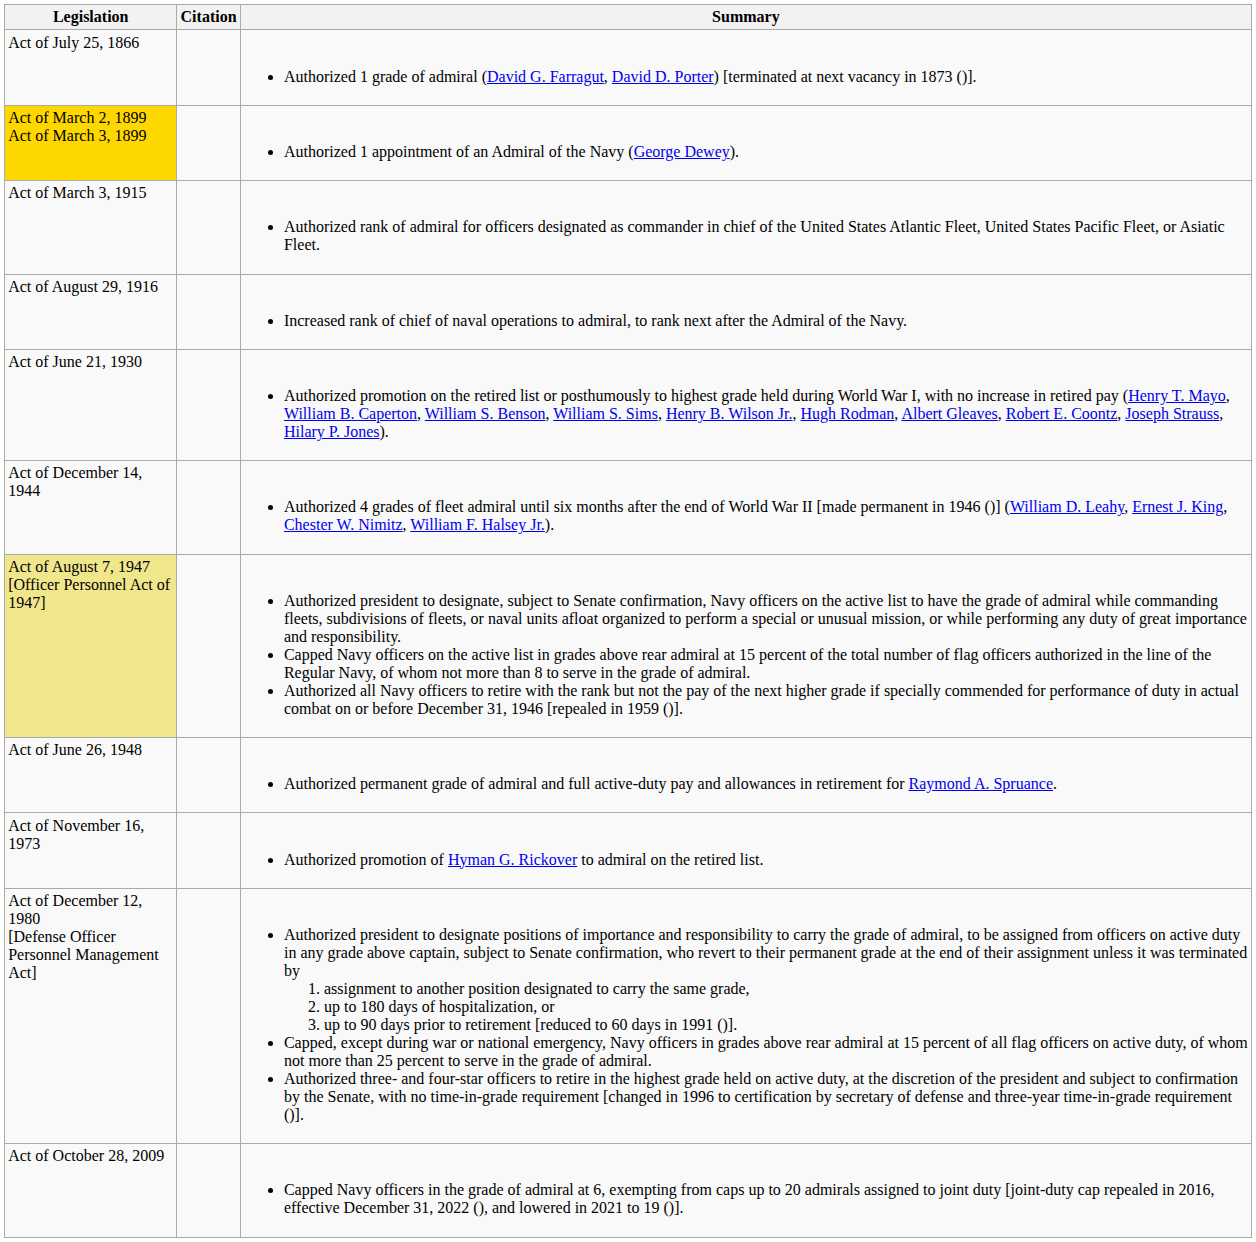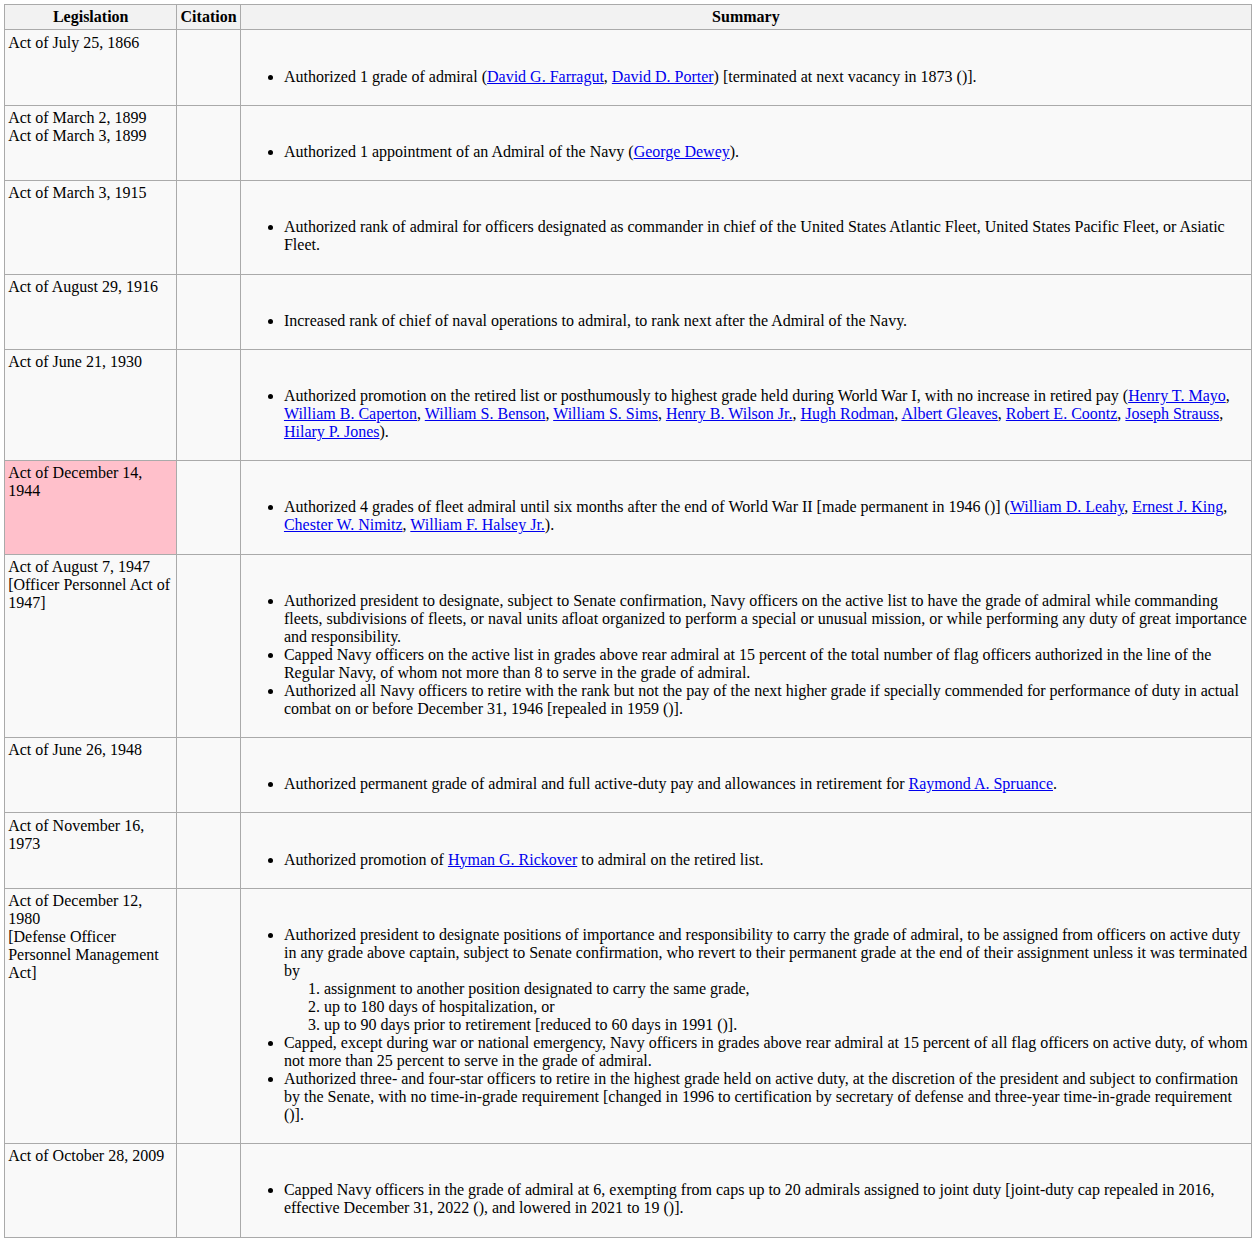 <table class="wikitable">
 <tr>
 <th width=165>Legislation</th>
 <th>Citation</th>
 <th>Summary</th>
 </tr>
 <tr valign=top>
 <td>Act of July 25, 1866</td>
 <td> </td>
 <td><br><ul><li>Authorized 1 grade of admiral (<a href='#'>David G. Farragut</a>, <a href='#'>David D. Porter</a>) [terminated at next vacancy in 1873 ()].</li></ul></td>
 </tr>
 <tr valign=top>
-<td style="background: gold;">Act of March 2, 1899<br>Act of March 3, 1899</td>
+<td>Act of March 2, 1899<br>Act of March 3, 1899</td>
 <td> <br> </td>
 <td><br><ul><li>Authorized 1 appointment of an Admiral of the Navy (<a href='#'>George Dewey</a>).</li></ul></td>
 </tr>
 <tr valign=top>
 <td>Act of March 3, 1915</td>
 <td> </td>
 <td><br><ul><li>Authorized rank of admiral for officers designated as commander in chief of the United States Atlantic Fleet, United States Pacific Fleet, or Asiatic Fleet.</li></ul></td>
 </tr>
 <tr valign=top>
 <td>Act of August 29, 1916</td>
 <td> </td>
 <td><br><ul><li>Increased rank of chief of naval operations to admiral, to rank next after the Admiral of the Navy.</li></ul></td>
 </tr>
 <tr valign=top>
 <td>Act of June 21, 1930</td>
 <td> </td>
 <td><br><ul><li>Authorized promotion on the retired list or posthumously to highest grade held during World War I, with no increase in retired pay (<a href='#'>Henry T. Mayo</a>, <a href='#'>William B. Caperton</a>, <a href='#'>William S. Benson</a>, <a href='#'>William S. Sims</a>, <a href='#'>Henry B. Wilson Jr.</a>, <a href='#'>Hugh Rodman</a>, <a href='#'>Albert Gleaves</a>, <a href='#'>Robert E. Coontz</a>, <a href='#'>Joseph Strauss</a>, <a href='#'>Hilary P. Jones</a>).</li></ul></td>
 </tr>
 <tr valign=top>
-<td>Act of December 14, 1944</td>
+<td style="background: pink;">Act of December 14, 1944</td>
 <td> </td>
 <td><br><ul><li>Authorized 4 grades of fleet admiral until six months after the end of World War II [made permanent in 1946 ()] (<a href='#'>William D. Leahy</a>, <a href='#'>Ernest J. King</a>, <a href='#'>Chester W. Nimitz</a>, <a href='#'>William F. Halsey Jr.</a>).</li></ul></td>
 </tr>
 <tr valign=top>
-<td style="background: khaki;">Act of August 7, 1947<br>[Officer Personnel Act of 1947]</td>
+<td>Act of August 7, 1947<br>[Officer Personnel Act of 1947]</td>
 <td> <br> <br> </td>
 <td><br><ul><li>Authorized president to designate, subject to Senate confirmation, Navy officers on the active list to have the grade of admiral while commanding fleets, subdivisions of fleets, or naval units afloat organized to perform a special or unusual mission, or while performing any duty of great importance and responsibility.</li><li>Capped Navy officers on the active list in grades above rear admiral at 15 percent of the total number of flag officers authorized in the line of the Regular Navy, of whom not more than 8 to serve in the grade of admiral.</li><li>Authorized all Navy officers to retire with the rank but not the pay of the next higher grade if specially commended for performance of duty in actual combat on or before December 31, 1946 [repealed in 1959 ()].</li></ul></td>
 </tr>
 <tr valign=top>
 <td>Act of June 26, 1948</td>
 <td> </td>
 <td><br><ul><li>Authorized permanent grade of admiral and full active-duty pay and allowances in retirement for <a href='#'>Raymond A. Spruance</a>.</li></ul></td>
 </tr>
 <tr valign=top>
 <td>Act of November 16, 1973</td>
 <td> </td>
 <td><br><ul><li>Authorized promotion of <a href='#'>Hyman G. Rickover</a> to admiral on the retired list.</li></ul></td>
 </tr>
 <tr valign=top>
 <td>Act of December 12, 1980<br>[Defense Officer Personnel Management Act]</td>
 <td> <br> <br> </td>
 <td><br><ul><li>Authorized president to designate positions of importance and responsibility to carry the grade of admiral, to be assigned from officers on active duty in any grade above captain, subject to Senate confirmation, who revert to their permanent grade at the end of their assignment unless it was terminated by<ol><li>assignment to another position designated to carry the same grade,</li><li>up to 180 days of hospitalization, or</li><li>up to 90 days prior to retirement [reduced to 60 days in 1991 ()].</li></ol></li><li>Capped, except during war or national emergency, Navy officers in grades above rear admiral at 15 percent of all flag officers on active duty, of whom not more than 25 percent to serve in the grade of admiral.</li><li>Authorized three- and four-star officers to retire in the highest grade held on active duty, at the discretion of the president and subject to confirmation by the Senate, with no time-in-grade requirement [changed in 1996 to certification by secretary of defense and three-year time-in-grade requirement ()].</li></ul></td>
 </tr>
 <tr valign=top>
 <td>Act of October 28, 2009</td>
 <td> <br> </td>
 <td><br><ul><li>Capped Navy officers in the grade of admiral at 6, exempting from caps up to 20 admirals assigned to joint duty [joint-duty cap repealed in 2016, effective December 31, 2022 (), and lowered in 2021 to 19 ()].</li></ul></td>
 </tr>
 <tr>
 </tr>
 </table>
